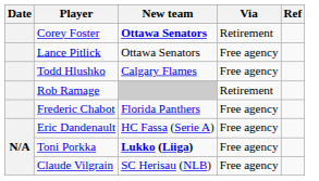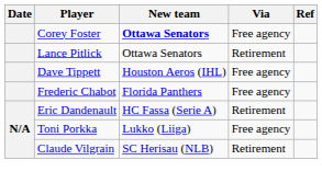 <table class="wikitable plainrowheaders">
 <tr style="background:#ddd; text-align:center;">
 <th>Date</th>
 <th>Player</th>
 <th>New team</th>
 <th>Via</th>
 <th>Ref</th>
 </tr>
 <tr>
 <th scope="row"></th>
 <td><a href='#'>Corey Foster</a></td>
 <td><strong><a href='#'>Ottawa Senators</a></strong></td>
-<td>Retirement</td>
+<td>Free agency</td>
 <td></td>
 </tr>
 <tr>
 <th scope="row"></th>
 <td><a href='#'>Lance Pitlick</a></td>
 <td>Ottawa Senators</td>
-<td>Free agency</td>
+<td>Retirement</td>
 <td></td>
 </tr>
 <tr>
 <th scope="row"></th>
-<td><a href='#'>Todd Hlushko</a></td>
-<td><a href='#'>Calgary Flames</a></td>
+<td><a href='#'>Dave Tippett</a></td>
+<td><a href='#'>Houston Aeros</a> (<a href='#'>IHL</a>)</td>
 <td>Free agency</td>
-<td></td>
-</tr>
-<tr>
-<th scope="row"></th>
-<td><a href='#'>Rob Ramage</a></td>
-<td style="background:#ccc"></td>
-<td>Retirement</td>
 <td></td>
 </tr>
 <tr>
 <th scope="row"></th>
 <td><a href='#'>Frederic Chabot</a></td>
 <td><a href='#'>Florida Panthers</a></td>
 <td>Free agency</td>
 <td></td>
 </tr>
 <tr>
 <th scope="row" rowspan=3>N/A</th>
 <td><a href='#'>Eric Dandenault</a></td>
 <td><a href='#'>HC Fassa</a> (<a href='#'>Serie A</a>)</td>
-<td>Free agency</td>
+<td>Retirement</td>
 <td></td>
 </tr>
 <tr>
 <td><a href='#'>Toni Porkka</a></td>
-<td><strong><a href='#'>Lukko</a> (<a href='#'>Liiga</a>)</strong></td>
+<td><a href='#'>Lukko</a> (<a href='#'>Liiga</a>)</td>
 <td>Free agency</td>
 <td></td>
 </tr>
 <tr>
 <td><a href='#'>Claude Vilgrain</a></td>
 <td><a href='#'>SC Herisau</a> (<a href='#'>NLB</a>)</td>
-<td>Free agency</td>
+<td>Retirement</td>
 <td></td>
 </tr>
 </table>
